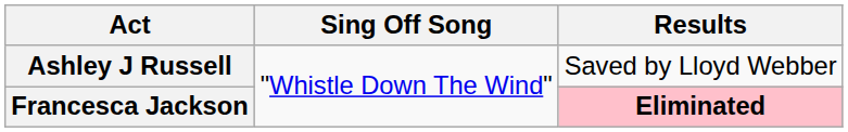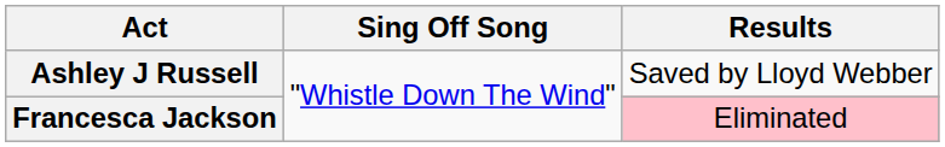 <table class="wikitable plainrowheaders" style="text-align:center;">
 <tr>
 <th scope="col">Act</th>
 <th scope="col">Sing Off Song</th>
 <th scope="col">Results</th>
 </tr>
 <tr>
 <th scope="row">Ashley J Russell</th>
 <td rowspan="2">"<a href='#'>Whistle Down The Wind</a>"</td>
 <td>Saved by Lloyd Webber</td>
 </tr>
 <tr>
 <th scope="row">Francesca Jackson</th>
-<td style="background:pink;"><strong>Eliminated</strong></td>
+<td style="background:pink;">Eliminated</td>
 </tr>
 </table>
